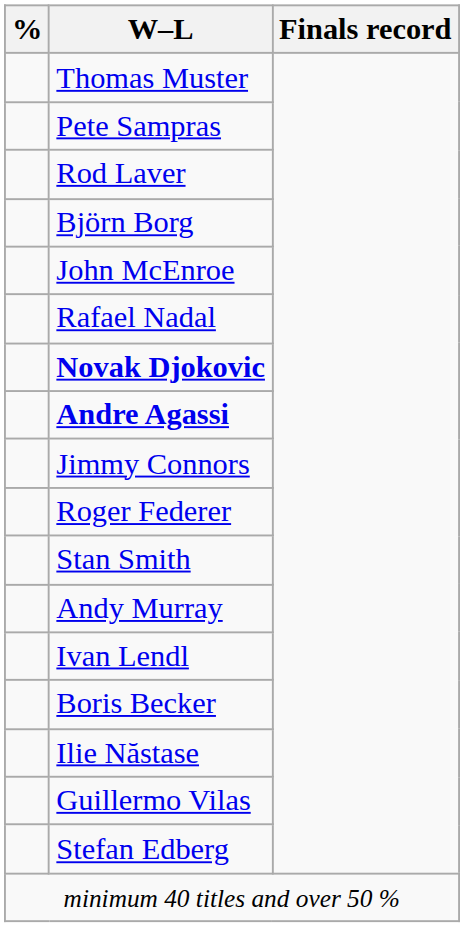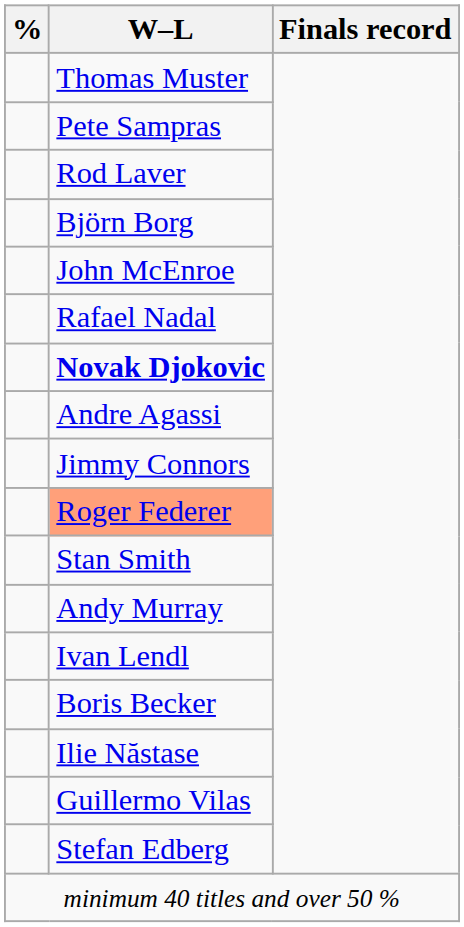 <table class="wikitable" style="display:inline-table;">
 <tr>
 <th>%</th>
 <th>W–L</th>
 <th>Finals record</th>
 </tr>
 <tr>
 <td></td>
 <td> <a href='#'>Thomas Muster</a></td>
 </tr>
 <tr>
 <td></td>
 <td> <a href='#'>Pete Sampras</a></td>
 </tr>
 <tr>
 <td></td>
 <td> <a href='#'>Rod Laver</a></td>
 </tr>
 <tr>
 <td></td>
 <td> <a href='#'>Björn Borg</a></td>
 </tr>
 <tr>
 <td></td>
 <td> <a href='#'>John McEnroe</a></td>
 </tr>
 <tr>
 <td></td>
 <td> <a href='#'>Rafael Nadal</a></td>
 </tr>
 <tr>
 <td></td>
 <td> <strong><a href='#'>Novak Djokovic</a></strong></td>
 </tr>
 <tr>
 <td></td>
-<td><strong> <a href='#'>Andre Agassi</a></strong></td>
+<td> <a href='#'>Andre Agassi</a></td>
 </tr>
 <tr>
 <td></td>
 <td> <a href='#'>Jimmy Connors</a></td>
 </tr>
 <tr>
 <td></td>
-<td> <a href='#'>Roger Federer</a></td>
+<td style="background: lightsalmon;"> <a href='#'>Roger Federer</a></td>
 </tr>
 <tr>
 <td></td>
 <td> <a href='#'>Stan Smith</a></td>
 </tr>
 <tr>
 <td></td>
 <td> <a href='#'>Andy Murray</a></td>
 </tr>
 <tr>
 <td></td>
 <td> <a href='#'>Ivan Lendl</a></td>
 </tr>
 <tr>
 <td></td>
 <td> <a href='#'>Boris Becker</a></td>
 </tr>
 <tr>
 <td></td>
 <td> <a href='#'>Ilie Năstase</a></td>
 </tr>
 <tr>
 <td></td>
 <td> <a href='#'>Guillermo Vilas</a></td>
 </tr>
 <tr>
 <td></td>
 <td> <a href='#'>Stefan Edberg</a></td>
 </tr>
 <tr>
 <td colspan="3" style="text-align: center;"><small><em>minimum 40 titles and over 50 %</em></small></td>
 </tr>
 </table>
